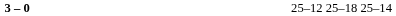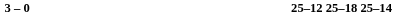 <table width=100% cellspacing=1>
 <tr>
 <th width=20%></th>
 <th width=12%></th>
 <th width=20%></th>
 <th width=33%></th>
 <td></td>
 </tr>
 <tr style=font-size:95%>
 <td align=right><strong></strong></td>
 <td align=center><strong>3 – 0</strong></td>
 <td></td>
-<td>25–12 25–18 25–14</td>
+<td><strong>25–12 25–18 25–14</strong></td>
 </tr>
 </table>
